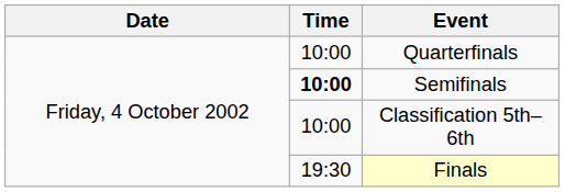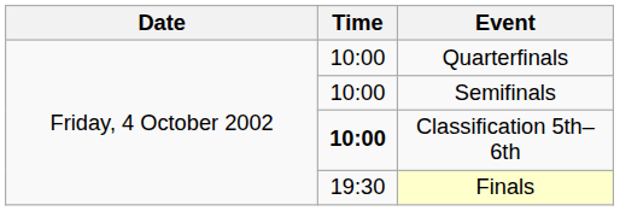 <table class = "wikitable" style="text-align:center;">
 <tr>
 <th width=220>Date</th>
 <th width=50>Time</th>
 <th width=150>Event</th>
 </tr>
 <tr>
 <td rowspan=4>Friday, 4 October 2002</td>
 <td>10:00</td>
 <td>Quarterfinals</td>
 </tr>
 <tr>
-<td><strong>10:00</strong></td>
+<td>10:00</td>
 <td>Semifinals</td>
 </tr>
 <tr>
-<td>10:00</td>
+<td><strong>10:00</strong></td>
 <td>Classification 5th–6th</td>
 </tr>
 <tr>
 <td>19:30</td>
 <td bgcolor=ffffcc>Finals</td>
 </tr>
 </table>
